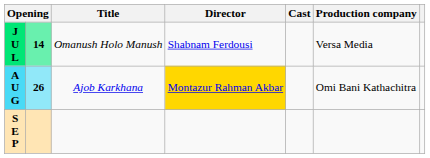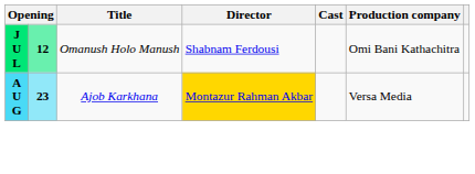 <table class="wikitable sortable">
 <tr>
 <th colspan="2"><strong>Opening</strong></th>
 <th><strong>Title</strong></th>
 <th><strong>Director</strong></th>
 <th><strong>Cast</strong></th>
 <th><strong>Production company</strong></th>
 <th></th>
 </tr>
 <tr>
 <td style="text-align:center;background:#00E676; textcolor:#000;"><strong>J<br>U<br>L</strong></td>
-<td style="text-align:center;background:#69F0AE;"><strong>14</strong></td>
+<td style="text-align:center;background:#69F0AE;"><strong>12</strong></td>
 <td style="text-align:center;"><em>Omanush Holo Manush</em></td>
 <td><a href='#'>Shabnam Ferdousi</a></td>
-<td></td>
-<td>Versa Media</td>
-<td></td>
-</tr>
-<tr>
-<td style="text-align:center; background:#49daf6;"><strong>A<br>U<br>G</strong></td>
-<td style="text-align:center; background:#91e8f9;"><strong>26</strong></td>
-<td style="text-align:center;"><em><a href='#'>Ajob Karkhana</a></em></td>
-<td style="background: gold;"><a href='#'>Montazur Rahman Akbar</a></td>
 <td></td>
 <td>Omi Bani Kathachitra</td>
 <td></td>
 </tr>
 <tr>
-<td style="text-align:center; background:#FFE5B4;"><strong>S<br>E<br>P</strong></td>
-<td style="text-align:center; background:#FFE5B4;"></td>
-<td style="text-align:center;"></td>
+<td style="text-align:center; background:#49daf6;"><strong>A<br>U<br>G</strong></td>
+<td style="text-align:center; background:#91e8f9;"><strong>23</strong></td>
+<td style="text-align:center;"><em><a href='#'>Ajob Karkhana</a></em></td>
+<td style="background: gold;"><a href='#'>Montazur Rahman Akbar</a></td>
 <td></td>
-<td></td>
-<td></td>
+<td>Versa Media</td>
 <td></td>
 </tr>
 </table>
